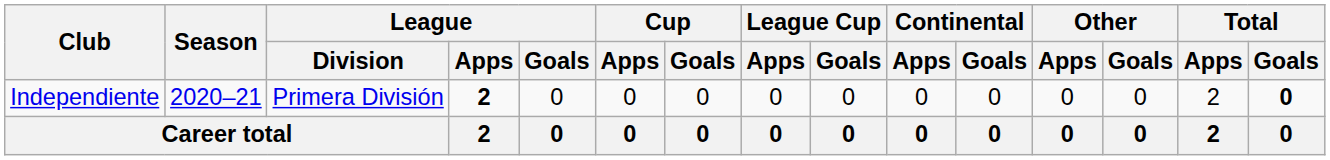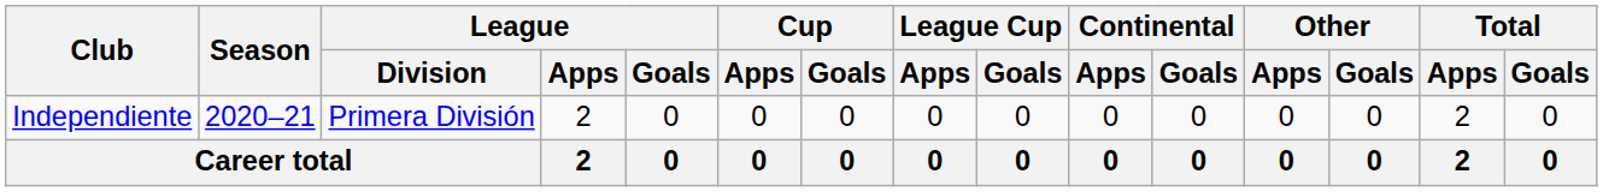 <table class="wikitable" style="text-align:center">
 <tr>
 <th rowspan="2">Club</th>
 <th rowspan="2">Season</th>
 <th colspan="3">League</th>
 <th colspan="2">Cup</th>
 <th colspan="2">League Cup</th>
 <th colspan="2">Continental</th>
 <th colspan="2">Other</th>
 <th colspan="2">Total</th>
 </tr>
 <tr>
 <th>Division</th>
 <th>Apps</th>
 <th>Goals</th>
 <th>Apps</th>
 <th>Goals</th>
 <th>Apps</th>
 <th>Goals</th>
 <th>Apps</th>
 <th>Goals</th>
 <th>Apps</th>
 <th>Goals</th>
 <th>Apps</th>
 <th>Goals</th>
 </tr>
 <tr>
 <td rowspan="1"><a href='#'>Independiente</a></td>
 <td><a href='#'>2020–21</a></td>
 <td rowspan="1"><a href='#'>Primera División</a></td>
-<td><strong>2</strong></td>
+<td>2</td>
 <td>0</td>
 <td>0</td>
 <td>0</td>
 <td>0</td>
 <td>0</td>
 <td>0</td>
 <td>0</td>
 <td>0</td>
 <td>0</td>
 <td>2</td>
-<td><strong>0</strong></td>
+<td>0</td>
 </tr>
 <tr>
 <th colspan="3">Career total</th>
 <th>2</th>
 <th>0</th>
 <th>0</th>
 <th>0</th>
 <th>0</th>
 <th>0</th>
 <th>0</th>
 <th>0</th>
 <th>0</th>
 <th>0</th>
 <th>2</th>
 <th>0</th>
 </tr>
 </table>
